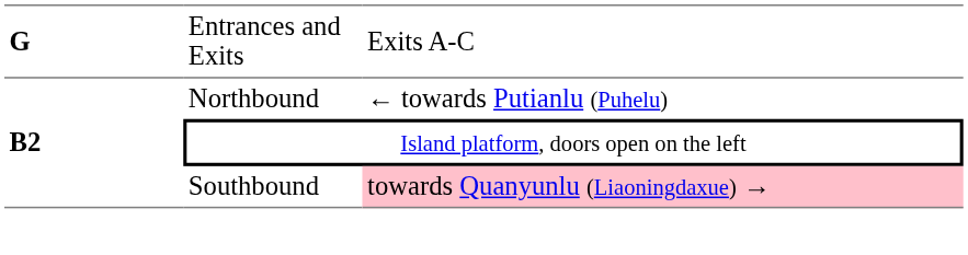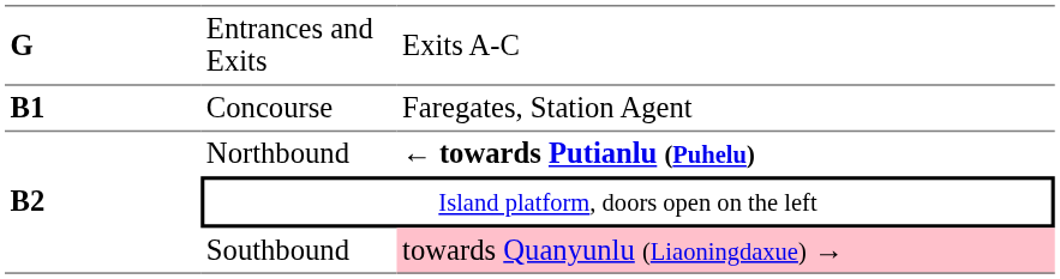 <table cellspacing=0 cellpadding=3>
 <tr>
 <td style="border-top:solid 1px gray;border-bottom:solid 1px gray;" width=100><strong>G</strong></td>
 <td style="border-top:solid 1px gray;border-bottom:solid 1px gray;" width=100>Entrances and Exits</td>
 <td style="border-top:solid 1px gray;border-bottom:solid 1px gray;" width=350>Exits A-C</td>
 </tr>
 <tr>
+<td style="border-bottom:solid 1px gray;"><strong>B1</strong></td>
+<td style="border-bottom:solid 1px gray;">Concourse</td>
+<td style="border-bottom:solid 1px gray;">Faregates, Station Agent</td>
+</tr>
+<tr>
 <td style="border-bottom:solid 1px gray;" rowspan=3><strong>B2</strong></td>
 <td>Northbound</td>
-<td>←  towards <a href='#'>Putianlu</a> <small>(<a href='#'>Puhelu</a>)</small></td>
+<td><strong>←  towards <a href='#'>Putianlu</a> <small>(<a href='#'>Puhelu</a>)</small></strong></td>
 </tr>
 <tr>
 <td style="border-right:solid 2px black;border-left:solid 2px black;border-top:solid 2px black;border-bottom:solid 2px black;text-align:center;" colspan=2><small><a href='#'>Island platform</a>, doors open on the left</small></td>
 </tr>
 <tr>
 <td style="border-bottom:solid 1px gray;">Southbound</td>
 <td style="background: pink; border-bottom:solid 1px gray;">  towards <a href='#'>Quanyunlu</a> <small>(<a href='#'>Liaoningdaxue</a>)</small> →</td>
 </tr>
 </table>
